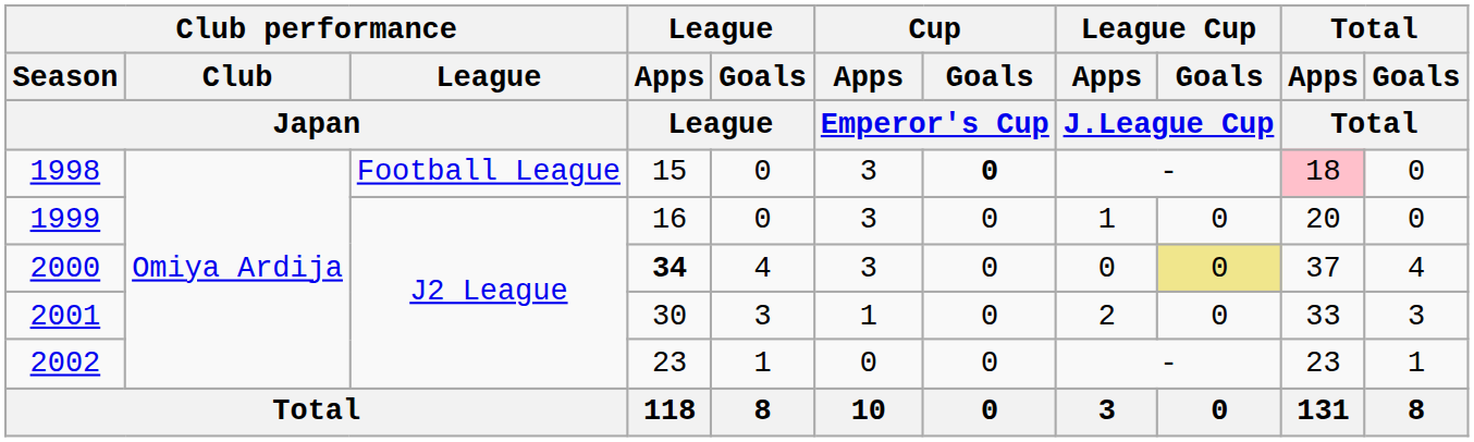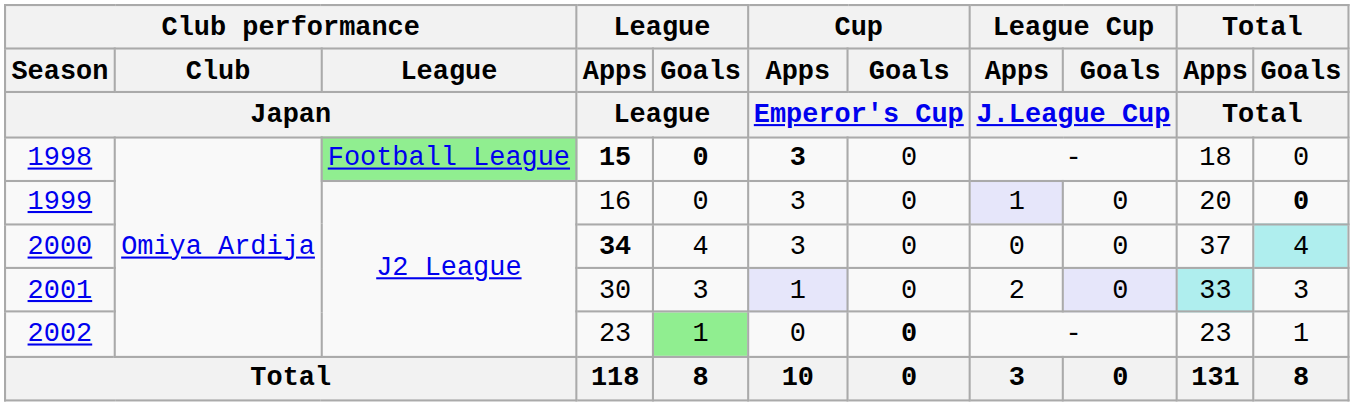 <table class="wikitable" style="text-align:center;">
 <tr>
 <th colspan=3>Club performance</th>
 <th colspan=2>League</th>
 <th colspan=2>Cup</th>
 <th colspan=2>League Cup</th>
 <th colspan=2>Total</th>
 </tr>
 <tr>
 <th>Season</th>
 <th>Club</th>
 <th>League</th>
 <th>Apps</th>
 <th>Goals</th>
 <th>Apps</th>
 <th>Goals</th>
 <th>Apps</th>
 <th>Goals</th>
 <th>Apps</th>
 <th>Goals</th>
 </tr>
 <tr>
 <th colspan=3>Japan</th>
 <th colspan=2>League</th>
 <th colspan=2><a href='#'>Emperor's Cup</a></th>
 <th colspan=2><a href='#'>J.League Cup</a></th>
 <th colspan=2>Total</th>
 </tr>
 <tr>
 <td><a href='#'>1998</a></td>
 <td rowspan="5"><a href='#'>Omiya Ardija</a></td>
-<td><a href='#'>Football League</a></td>
-<td>15</td>
+<td style="background: lightgreen;"><a href='#'>Football League</a></td>
+<td><strong>15</strong></td>
+<td><strong>0</strong></td>
+<td><strong>3</strong></td>
 <td>0</td>
-<td>3</td>
-<td><strong>0</strong></td>
 <td colspan="2">-</td>
-<td style="background: pink;">18</td>
+<td>18</td>
 <td>0</td>
 </tr>
 <tr>
 <td><a href='#'>1999</a></td>
 <td rowspan="4"><a href='#'>J2 League</a></td>
 <td>16</td>
 <td>0</td>
 <td>3</td>
 <td>0</td>
-<td>1</td>
+<td style="background: lavender;">1</td>
 <td>0</td>
 <td>20</td>
-<td>0</td>
+<td><strong>0</strong></td>
 </tr>
 <tr>
 <td><a href='#'>2000</a></td>
 <td><strong>34</strong></td>
 <td>4</td>
 <td>3</td>
 <td>0</td>
 <td>0</td>
-<td style="background: khaki;">0</td>
+<td>0</td>
 <td>37</td>
-<td>4</td>
+<td style="background: paleturquoise;">4</td>
 </tr>
 <tr>
 <td><a href='#'>2001</a></td>
 <td>30</td>
 <td>3</td>
-<td>1</td>
+<td style="background: lavender;">1</td>
 <td>0</td>
 <td>2</td>
-<td>0</td>
-<td>33</td>
+<td style="background: lavender;">0</td>
+<td style="background: paleturquoise;">33</td>
 <td>3</td>
 </tr>
 <tr>
 <td><a href='#'>2002</a></td>
 <td>23</td>
-<td>1</td>
+<td style="background: lightgreen;">1</td>
 <td>0</td>
-<td>0</td>
+<td><strong>0</strong></td>
 <td colspan="2">-</td>
 <td>23</td>
 <td>1</td>
 </tr>
 <tr>
 <th colspan=3>Total</th>
 <th>118</th>
 <th>8</th>
 <th>10</th>
 <th>0</th>
 <th>3</th>
 <th>0</th>
 <th>131</th>
 <th>8</th>
 </tr>
 </table>
